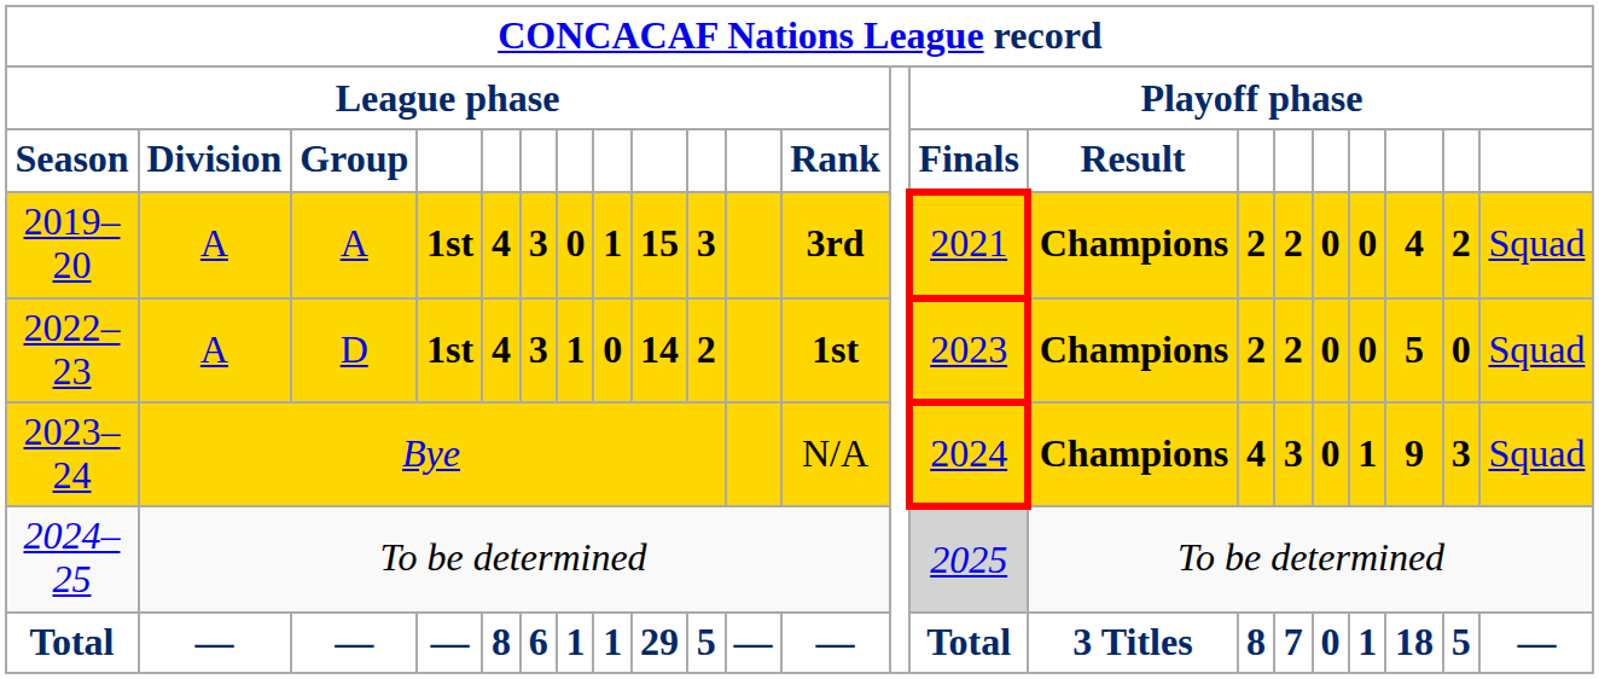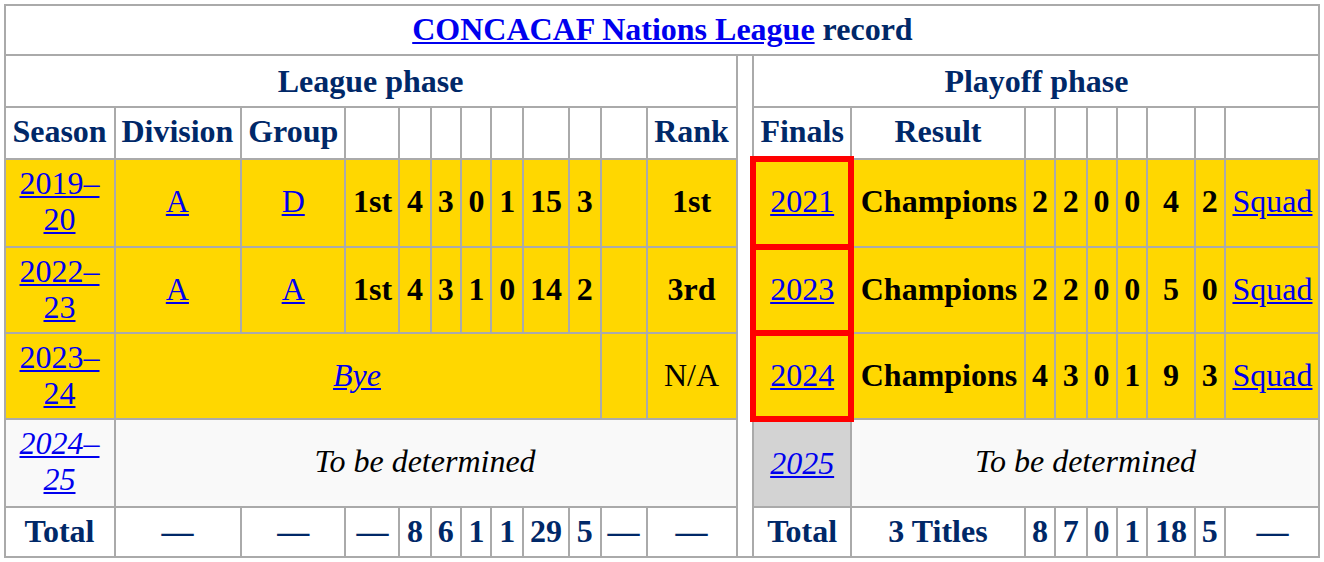 <table class="wikitable" style="text-align: center;">
 <tr>
 <th style="color:#002868; background:white;" colspan=22><a href='#'>CONCACAF Nations League</a> record</th>
 </tr>
 <tr>
 <th style="color:#002868; background:white;" colspan=12>League phase</th>
 <th rowspan="7" style="color:#002868; background:white;"></th>
 <th style="color:#002868; background:white;" colspan=9>Playoff phase</th>
 </tr>
 <tr>
 <th style="color:#002868; background:white;">Season</th>
 <th style="color:#002868; background:white;">Division</th>
 <th style="color:#002868; background:white;">Group</th>
 <th style="color:#002868; background:white;"></th>
 <th style="color:#002868; background:white;"></th>
 <th style="color:#002868; background:white;"></th>
 <th style="color:#002868; background:white;"></th>
 <th style="color:#002868; background:white;"></th>
 <th style="color:#002868; background:white;"></th>
 <th style="color:#002868; background:white;"></th>
 <th style="color:#002868; background:white;"></th>
 <th style="color:#002868; background:white;">Rank</th>
 <th style="color:#002868; background:white;">Finals</th>
 <th style="color:#002868; background:white;">Result</th>
 <th style="color:#002868; background:white;"></th>
 <th style="color:#002868; background:white;"></th>
 <th style="color:#002868; background:white;"></th>
 <th style="color:#002868; background:white;"></th>
 <th style="color:#002868; background:white;"></th>
 <th style="color:#002868; background:white;"></th>
 <th style="color:#002868; background:white;"></th>
 </tr>
 <tr bgcolor=gold>
 <td><a href='#'>2019–20</a></td>
 <td><a href='#'>A</a></td>
-<td><a href='#'>A</a></td>
+<td><a href='#'>D</a></td>
 <td><strong>1st</strong></td>
 <td><strong>4</strong></td>
 <td><strong>3</strong></td>
 <td><strong>0</strong></td>
 <td><strong>1</strong></td>
 <td><strong>15</strong></td>
 <td><strong>3</strong></td>
 <td></td>
-<td><strong>3rd</strong></td>
+<td><strong>1st</strong></td>
 <td style="border: 3px solid red"> <a href='#'>2021</a></td>
 <td><strong>Champions</strong></td>
 <td><strong>2</strong></td>
 <td><strong>2</strong></td>
 <td><strong>0</strong></td>
 <td><strong>0</strong></td>
 <td><strong>4</strong></td>
 <td><strong>2</strong></td>
 <td><a href='#'>Squad</a></td>
 </tr>
 <tr bgcolor=gold>
 <td><a href='#'>2022–23</a></td>
 <td><a href='#'>A</a></td>
-<td><a href='#'>D</a></td>
+<td><a href='#'>A</a></td>
 <td><strong>1st</strong></td>
 <td><strong>4</strong></td>
 <td><strong>3</strong></td>
 <td><strong>1</strong></td>
 <td><strong>0</strong></td>
 <td><strong>14</strong></td>
 <td><strong>2</strong></td>
 <td></td>
-<td><strong>1st</strong></td>
+<td><strong>3rd</strong></td>
 <td style="border: 3px solid red"> <a href='#'>2023</a></td>
 <td><strong>Champions</strong></td>
 <td><strong>2</strong></td>
 <td><strong>2</strong></td>
 <td><strong>0</strong></td>
 <td><strong>0</strong></td>
 <td><strong>5</strong></td>
 <td><strong>0</strong></td>
 <td><a href='#'>Squad</a></td>
 </tr>
 <tr bgcolor=gold>
 <td><a href='#'>2023–24</a></td>
 <td colspan="9"><a href='#'><em>Bye</em></a></td>
 <td></td>
 <td>N/A</td>
 <td style="border: 3px solid red"> <a href='#'>2024</a></td>
 <td><strong>Champions</strong></td>
 <td><strong>4</strong></td>
 <td><strong>3</strong></td>
 <td><strong>0</strong></td>
 <td><strong>1</strong></td>
 <td><strong>9</strong></td>
 <td><strong>3</strong></td>
 <td><a href='#'>Squad</a></td>
 </tr>
 <tr>
 <td><a href='#'><em>2024–25</em></a></td>
 <td colspan="11"><em>To be determined</em></td>
 <td style="background: lightgrey;"> <a href='#'><em>2025</em></a></td>
 <td colspan="8"><em>To be determined</em></td>
 </tr>
 <tr style="color:#002868; background:white;">
 <td><strong>Total</strong></td>
 <td><strong>—</strong></td>
 <td><strong>—</strong></td>
 <td><strong>—</strong></td>
 <td><strong>8</strong></td>
 <td><strong>6</strong></td>
 <td><strong>1</strong></td>
 <td><strong>1</strong></td>
 <td><strong>29</strong></td>
 <td><strong>5</strong></td>
 <td><strong>—</strong></td>
 <td><strong>—</strong></td>
 <td><strong>Total</strong></td>
 <td><strong>3 Titles</strong></td>
 <td><strong>8</strong></td>
 <td><strong>7</strong></td>
 <td><strong>0</strong></td>
 <td><strong>1</strong></td>
 <td><strong>18</strong></td>
 <td><strong>5</strong></td>
 <td><strong>—</strong></td>
 </tr>
 </table>
